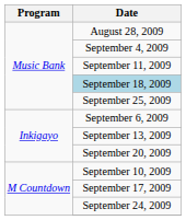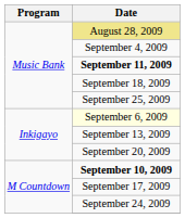 <table class="wikitable" style="text-align:center">
 <tr>
 <th>Program</th>
 <th width="150">Date</th>
 </tr>
 <tr>
 <td rowspan="5"><a href='#'><em>Music Bank</em></a></td>
-<td>August 28, 2009</td>
+<td style="background: khaki;">August 28, 2009</td>
 </tr>
 <tr>
 <td>September 4, 2009</td>
 </tr>
 <tr>
-<td>September 11, 2009</td>
+<td><strong>September 11, 2009</strong></td>
 </tr>
 <tr>
-<td style="background: lightblue;">September 18, 2009</td>
+<td>September 18, 2009</td>
 </tr>
 <tr>
 <td>September 25, 2009</td>
 </tr>
 <tr>
 <td rowspan="3"><em><a href='#'>Inkigayo</a></em></td>
-<td>September 6, 2009</td>
+<td style="background: lightyellow;">September 6, 2009</td>
 </tr>
 <tr>
 <td>September 13, 2009</td>
 </tr>
 <tr>
 <td>September 20, 2009</td>
 </tr>
 <tr>
 <td rowspan="4"><em><a href='#'>M Countdown</a></em></td>
-<td>September 10, 2009</td>
+<td><strong>September 10, 2009</strong></td>
 </tr>
 <tr>
 <td>September 17, 2009</td>
 </tr>
 <tr>
 <td>September 24, 2009</td>
 </tr>
 <tr>
 </tr>
 </table>
